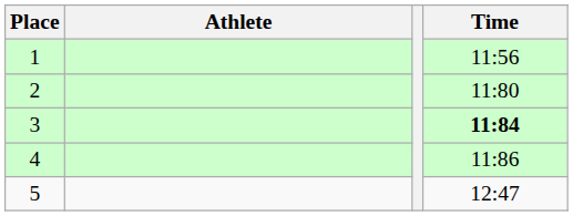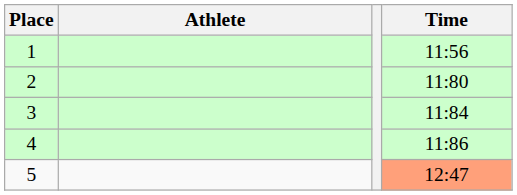 <table class="wikitable" style="text-align:center">
 <tr>
 <th>Place</th>
 <th width=250>Athlete</th>
 <th rowspan=27></th>
 <th width=100>Time</th>
 </tr>
 <tr style="background:#ccffcc;">
 <td>1</td>
 <td align=left></td>
 <td>11:56</td>
 </tr>
 <tr style="background:#ccffcc;">
 <td>2</td>
 <td align=left></td>
 <td>11:80</td>
 </tr>
 <tr style="background:#ccffcc;">
 <td>3</td>
 <td align=left></td>
-<td><strong>11:84</strong></td>
+<td>11:84</td>
 </tr>
 <tr style="background:#ccffcc;">
 <td>4</td>
 <td align=left></td>
 <td>11:86</td>
 </tr>
 <tr>
 <td>5</td>
 <td align=left></td>
-<td>12:47</td>
+<td style="background: lightsalmon;">12:47</td>
 </tr>
 </table>
